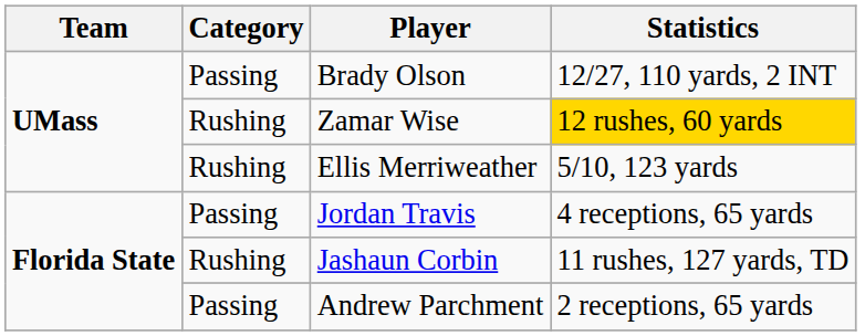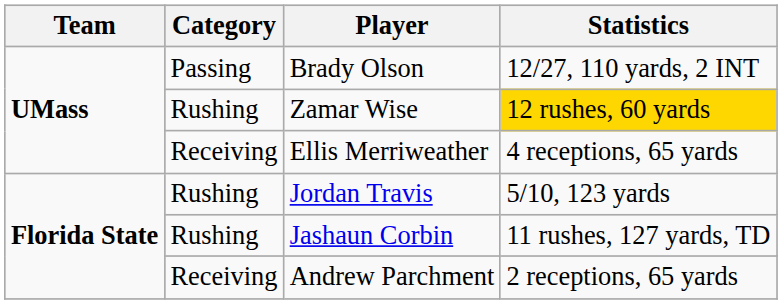 <table class="wikitable" style="float: left;">
 <tr>
 <th>Team</th>
 <th>Category</th>
 <th>Player</th>
 <th>Statistics</th>
 </tr>
 <tr>
 <td rowspan=3><strong>UMass</strong></td>
 <td>Passing</td>
 <td>Brady Olson</td>
 <td>12/27, 110 yards, 2 INT</td>
 </tr>
 <tr>
 <td>Rushing</td>
 <td>Zamar Wise</td>
 <td style="background: gold;">12 rushes, 60 yards</td>
 </tr>
 <tr>
-<td>Rushing</td>
+<td>Receiving</td>
 <td>Ellis Merriweather</td>
-<td>5/10, 123 yards</td>
+<td>4 receptions, 65 yards</td>
 </tr>
 <tr>
 <td rowspan=3><strong>Florida State</strong></td>
-<td>Passing</td>
+<td>Rushing</td>
 <td><a href='#'>Jordan Travis</a></td>
-<td>4 receptions, 65 yards</td>
+<td>5/10, 123 yards</td>
 </tr>
 <tr>
 <td>Rushing</td>
 <td><a href='#'>Jashaun Corbin</a></td>
 <td>11 rushes, 127 yards, TD</td>
 </tr>
 <tr>
-<td>Passing</td>
+<td>Receiving</td>
 <td>Andrew Parchment</td>
 <td>2 receptions, 65 yards</td>
 </tr>
 </table>
